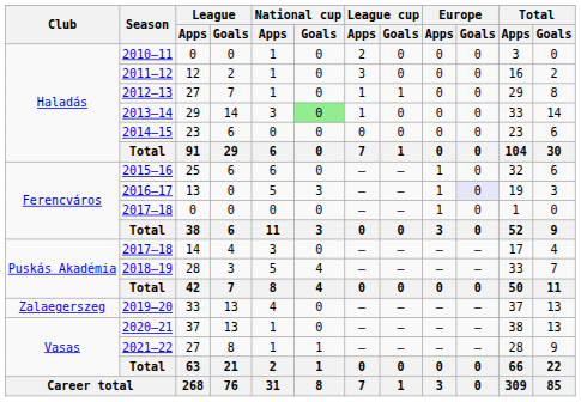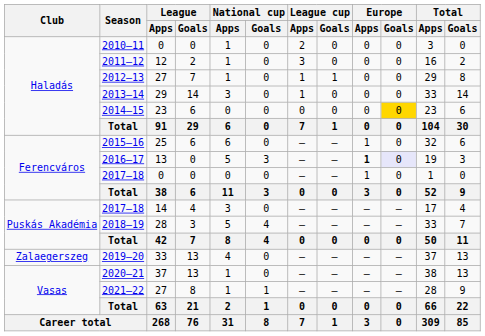 <table class="wikitable" style="text-align:center">
 <tr>
 <th rowspan="2">Club</th>
 <th rowspan="2">Season</th>
 <th colspan="2">League</th>
 <th colspan="2">National cup</th>
 <th colspan="2">League cup</th>
 <th colspan="2">Europe</th>
 <th colspan="2">Total</th>
 </tr>
 <tr>
 <th>Apps</th>
 <th>Goals</th>
 <th>Apps</th>
 <th>Goals</th>
 <th>Apps</th>
 <th>Goals</th>
 <th>Apps</th>
 <th>Goals</th>
 <th>Apps</th>
 <th>Goals</th>
 </tr>
 <tr>
 <td rowspan="6"><a href='#'>Haladás</a></td>
 <td><a href='#'>2010–11</a></td>
 <td>0</td>
 <td>0</td>
 <td>1</td>
 <td>0</td>
 <td>2</td>
 <td>0</td>
 <td>0</td>
 <td>0</td>
 <td>3</td>
 <td>0</td>
 </tr>
 <tr>
 <td><a href='#'>2011–12</a></td>
 <td>12</td>
 <td>2</td>
 <td>1</td>
 <td>0</td>
 <td>3</td>
 <td>0</td>
 <td>0</td>
 <td>0</td>
 <td>16</td>
 <td>2</td>
 </tr>
 <tr>
 <td><a href='#'>2012–13</a></td>
 <td>27</td>
 <td>7</td>
 <td>1</td>
 <td>0</td>
 <td>1</td>
 <td>1</td>
 <td>0</td>
 <td>0</td>
 <td>29</td>
 <td>8</td>
 </tr>
 <tr>
 <td><a href='#'>2013–14</a></td>
 <td>29</td>
 <td>14</td>
 <td>3</td>
-<td style="background: lightgreen;">0</td>
+<td>0</td>
 <td>1</td>
 <td>0</td>
 <td>0</td>
 <td>0</td>
 <td>33</td>
 <td>14</td>
 </tr>
 <tr>
 <td><a href='#'>2014–15</a></td>
 <td>23</td>
 <td>6</td>
 <td>0</td>
 <td>0</td>
 <td>0</td>
 <td>0</td>
 <td>0</td>
-<td>0</td>
+<td style="background: gold;">0</td>
 <td>23</td>
 <td>6</td>
 </tr>
 <tr>
 <th>Total</th>
 <th>91</th>
 <th>29</th>
 <th>6</th>
 <th>0</th>
 <th>7</th>
 <th>1</th>
 <th>0</th>
 <th>0</th>
 <th>104</th>
 <th>30</th>
 </tr>
 <tr>
 <td rowspan="4"><a href='#'>Ferencváros</a></td>
 <td><a href='#'>2015–16</a></td>
 <td>25</td>
 <td>6</td>
 <td>6</td>
 <td>0</td>
 <td>–</td>
 <td>–</td>
 <td>1</td>
 <td>0</td>
 <td>32</td>
 <td>6</td>
 </tr>
 <tr>
 <td><a href='#'>2016–17</a></td>
 <td>13</td>
 <td>0</td>
 <td>5</td>
 <td>3</td>
 <td>–</td>
 <td>–</td>
-<td>1</td>
+<td><strong>1</strong></td>
 <td style="background: lavender;">0</td>
 <td>19</td>
 <td>3</td>
 </tr>
 <tr>
 <td><a href='#'>2017–18</a></td>
 <td>0</td>
 <td>0</td>
 <td>0</td>
 <td>0</td>
 <td>–</td>
 <td>–</td>
 <td>1</td>
 <td>0</td>
 <td>1</td>
 <td>0</td>
 </tr>
 <tr>
 <th>Total</th>
 <th>38</th>
 <th>6</th>
 <th>11</th>
 <th>3</th>
 <th>0</th>
 <th>0</th>
 <th>3</th>
 <th>0</th>
 <th>52</th>
 <th>9</th>
 </tr>
 <tr>
 <td rowspan="3"><a href='#'>Puskás Akadémia</a></td>
 <td><a href='#'>2017–18</a></td>
 <td>14</td>
 <td>4</td>
 <td>3</td>
 <td>0</td>
 <td>–</td>
 <td>–</td>
 <td>–</td>
 <td>–</td>
 <td>17</td>
 <td>4</td>
 </tr>
 <tr>
 <td><a href='#'>2018–19</a></td>
 <td>28</td>
 <td>3</td>
 <td>5</td>
 <td>4</td>
 <td>–</td>
 <td>–</td>
 <td>–</td>
 <td>–</td>
 <td>33</td>
 <td>7</td>
 </tr>
 <tr>
 <th>Total</th>
 <th>42</th>
 <th>7</th>
 <th>8</th>
 <th>4</th>
 <th>0</th>
 <th>0</th>
 <th>0</th>
 <th>0</th>
 <th>50</th>
 <th>11</th>
 </tr>
 <tr>
 <td><a href='#'>Zalaegerszeg</a></td>
 <td><a href='#'>2019–20</a></td>
 <td>33</td>
 <td>13</td>
 <td>4</td>
 <td>0</td>
 <td>–</td>
 <td>–</td>
 <td>–</td>
 <td>–</td>
 <td>37</td>
 <td>13</td>
 </tr>
 <tr>
 <td rowspan="3"><a href='#'>Vasas</a></td>
 <td><a href='#'>2020–21</a></td>
 <td>37</td>
 <td>13</td>
 <td>1</td>
 <td>0</td>
 <td>–</td>
 <td>–</td>
 <td>–</td>
 <td>–</td>
 <td>38</td>
 <td>13</td>
 </tr>
 <tr>
 <td><a href='#'>2021–22</a></td>
 <td>27</td>
 <td>8</td>
 <td>1</td>
 <td>1</td>
 <td>–</td>
 <td>–</td>
 <td>–</td>
 <td>–</td>
 <td>28</td>
 <td>9</td>
 </tr>
 <tr>
 <th>Total</th>
 <th>63</th>
 <th>21</th>
 <th>2</th>
 <th>1</th>
 <th>0</th>
 <th>0</th>
 <th>0</th>
 <th>0</th>
 <th>66</th>
 <th>22</th>
 </tr>
 <tr>
 <th colspan="2">Career total</th>
 <th>268</th>
 <th>76</th>
 <th>31</th>
 <th>8</th>
 <th>7</th>
 <th>1</th>
 <th>3</th>
 <th>0</th>
 <th>309</th>
 <th>85</th>
 </tr>
 </table>
